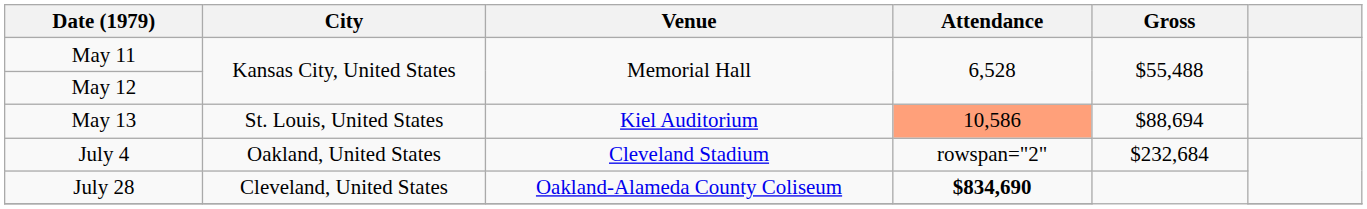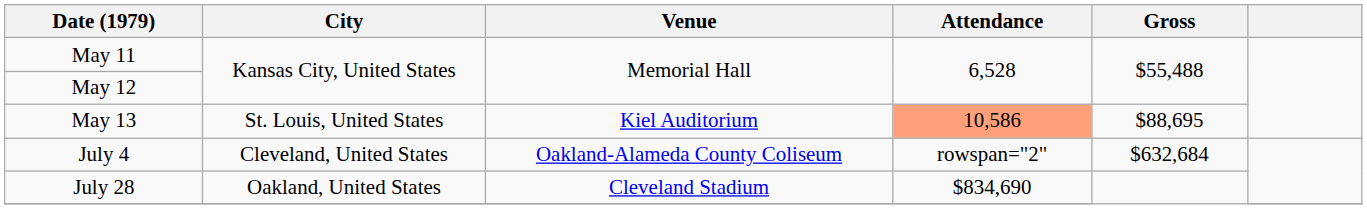 <table class="wikitable sortable plainrowheaders" style="text-align:center;">
 <tr>
 <th scope="col" style="width:9em;">Date (1979)</th>
 <th scope="col" style="width:13em;">City</th>
 <th scope="col" style="width:19em;">Venue</th>
 <th scope="col" style="width:9em;">Attendance</th>
 <th scope="col" style="width:7em;">Gross</th>
 <th scope="col" style="width:5em;" class="unsortable"></th>
 </tr>
 <tr>
 <td>May 11</td>
 <td rowspan="2">Kansas City, United States</td>
 <td rowspan="2">Memorial Hall</td>
 <td rowspan="2">6,528</td>
 <td rowspan="2">$55,488</td>
 <td rowspan="3"></td>
 </tr>
 <tr>
 <td>May 12</td>
 </tr>
 <tr>
 <td>May 13</td>
 <td>St. Louis, United States</td>
 <td><a href='#'>Kiel Auditorium</a></td>
 <td style="background: lightsalmon;">10,586</td>
-<td>$88,694</td>
+<td>$88,695</td>
 </tr>
 <tr>
 <td>July 4</td>
-<td>Oakland, United States</td>
-<td><a href='#'>Cleveland Stadium</a></td>
+<td>Cleveland, United States</td>
+<td><a href='#'>Oakland-Alameda County Coliseum</a></td>
 <td>rowspan="2" </td>
-<td>$232,684</td>
+<td>$632,684</td>
 <td rowspan="2"></td>
 </tr>
 <tr>
 <td>July 28</td>
-<td>Cleveland, United States</td>
-<td><a href='#'>Oakland-Alameda County Coliseum</a></td>
-<td><strong>$834,690</strong></td>
+<td>Oakland, United States</td>
+<td><a href='#'>Cleveland Stadium</a></td>
+<td>$834,690</td>
 </tr>
 <tr>
 </tr>
 </table>
